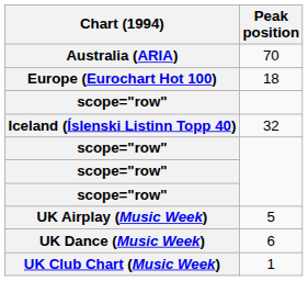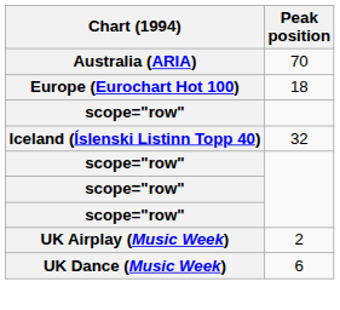 <table class="wikitable sortable plainrowheaders" style="text-align:center">
 <tr>
 <th scope="col">Chart (1994)</th>
 <th scope="col">Peak<br>position</th>
 </tr>
 <tr>
 <th scope="row">Australia (<a href='#'>ARIA</a>)</th>
 <td>70</td>
 </tr>
 <tr>
 <th scope="row">Europe (<a href='#'>Eurochart Hot 100</a>)</th>
 <td>18</td>
 </tr>
 <tr>
 <th>scope="row"</th>
 </tr>
 <tr>
 <th scope="row">Iceland (<a href='#'>Íslenski Listinn Topp 40</a>)</th>
 <td>32</td>
 </tr>
 <tr>
 <th>scope="row"</th>
 </tr>
 <tr>
 <th>scope="row"</th>
 </tr>
 <tr>
 <th>scope="row"</th>
 </tr>
 <tr>
 <th scope="row">UK Airplay (<em><a href='#'>Music Week</a></em>)</th>
-<td>5</td>
+<td>2</td>
 </tr>
 <tr>
 <th scope="row">UK Dance (<em><a href='#'>Music Week</a></em>)</th>
 <td>6</td>
 </tr>
-<tr>
-<th scope="row"><a href='#'>UK Club Chart</a> (<em><a href='#'>Music Week</a></em>)</th>
-<td>1</td>
-</tr>
 </table>
